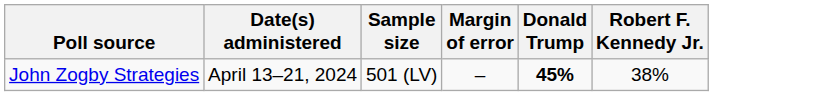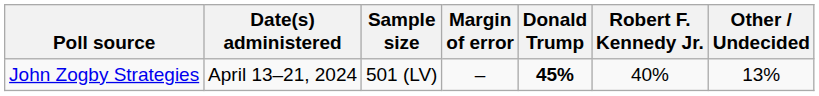 <table class="wikitable sortable mw-datatable" style="font-size:90%;text-align:center;line-height:17px">
 <tr valign=bottom>
 <th>Poll source</th>
 <th>Date(s)<br>administered</th>
 <th>Sample<br>size</th>
 <th>Margin<br>of error</th>
 <th class="unsortable">Donald<br>Trump<br></th>
 <th class="unsortable">Robert F.<br>Kennedy Jr.<br></th>
+<th class="unsortable">Other /<br>Undecided</th>
 </tr>
 <tr>
 <td style="text-align:left;"><a href='#'>John Zogby Strategies</a></td>
 <td data-sort-value="2024-05-01">April 13–21, 2024</td>
 <td>501 (LV)</td>
 <td>–</td>
 <td style="background-color:"><strong>45%</strong></td>
-<td>38%</td>
+<td>40%</td>
+<td>13%</td>
 </tr>
 </table>
